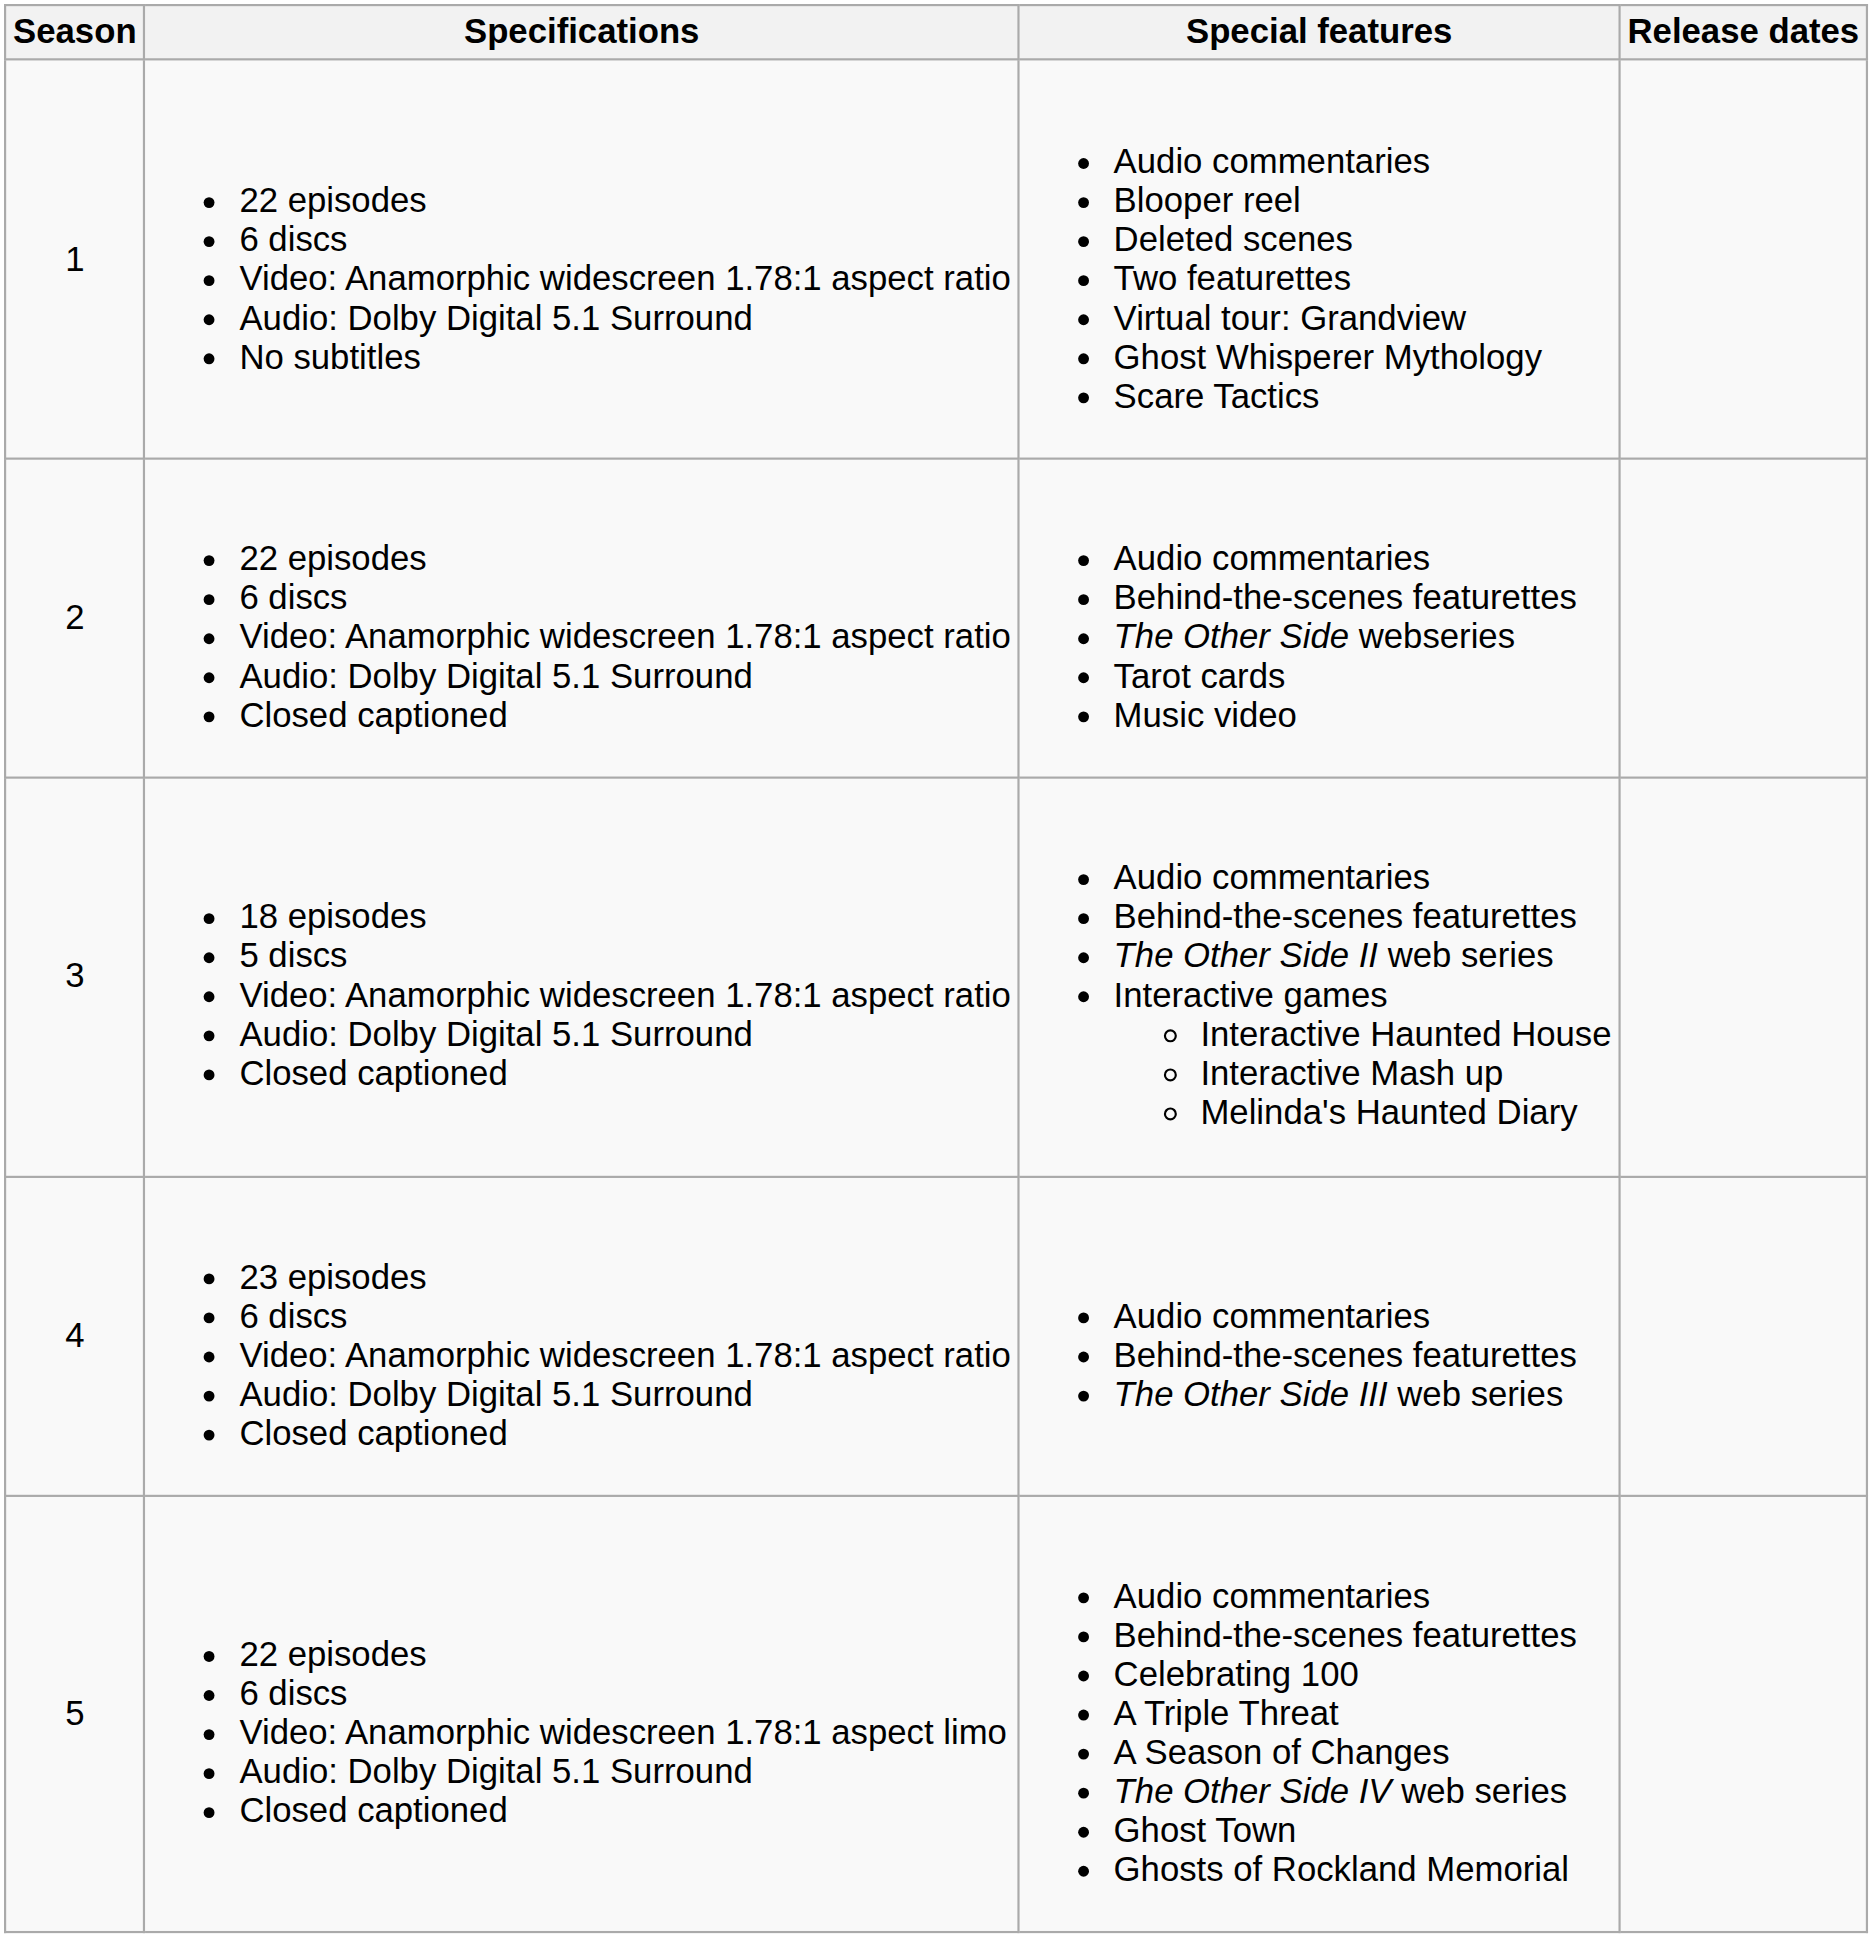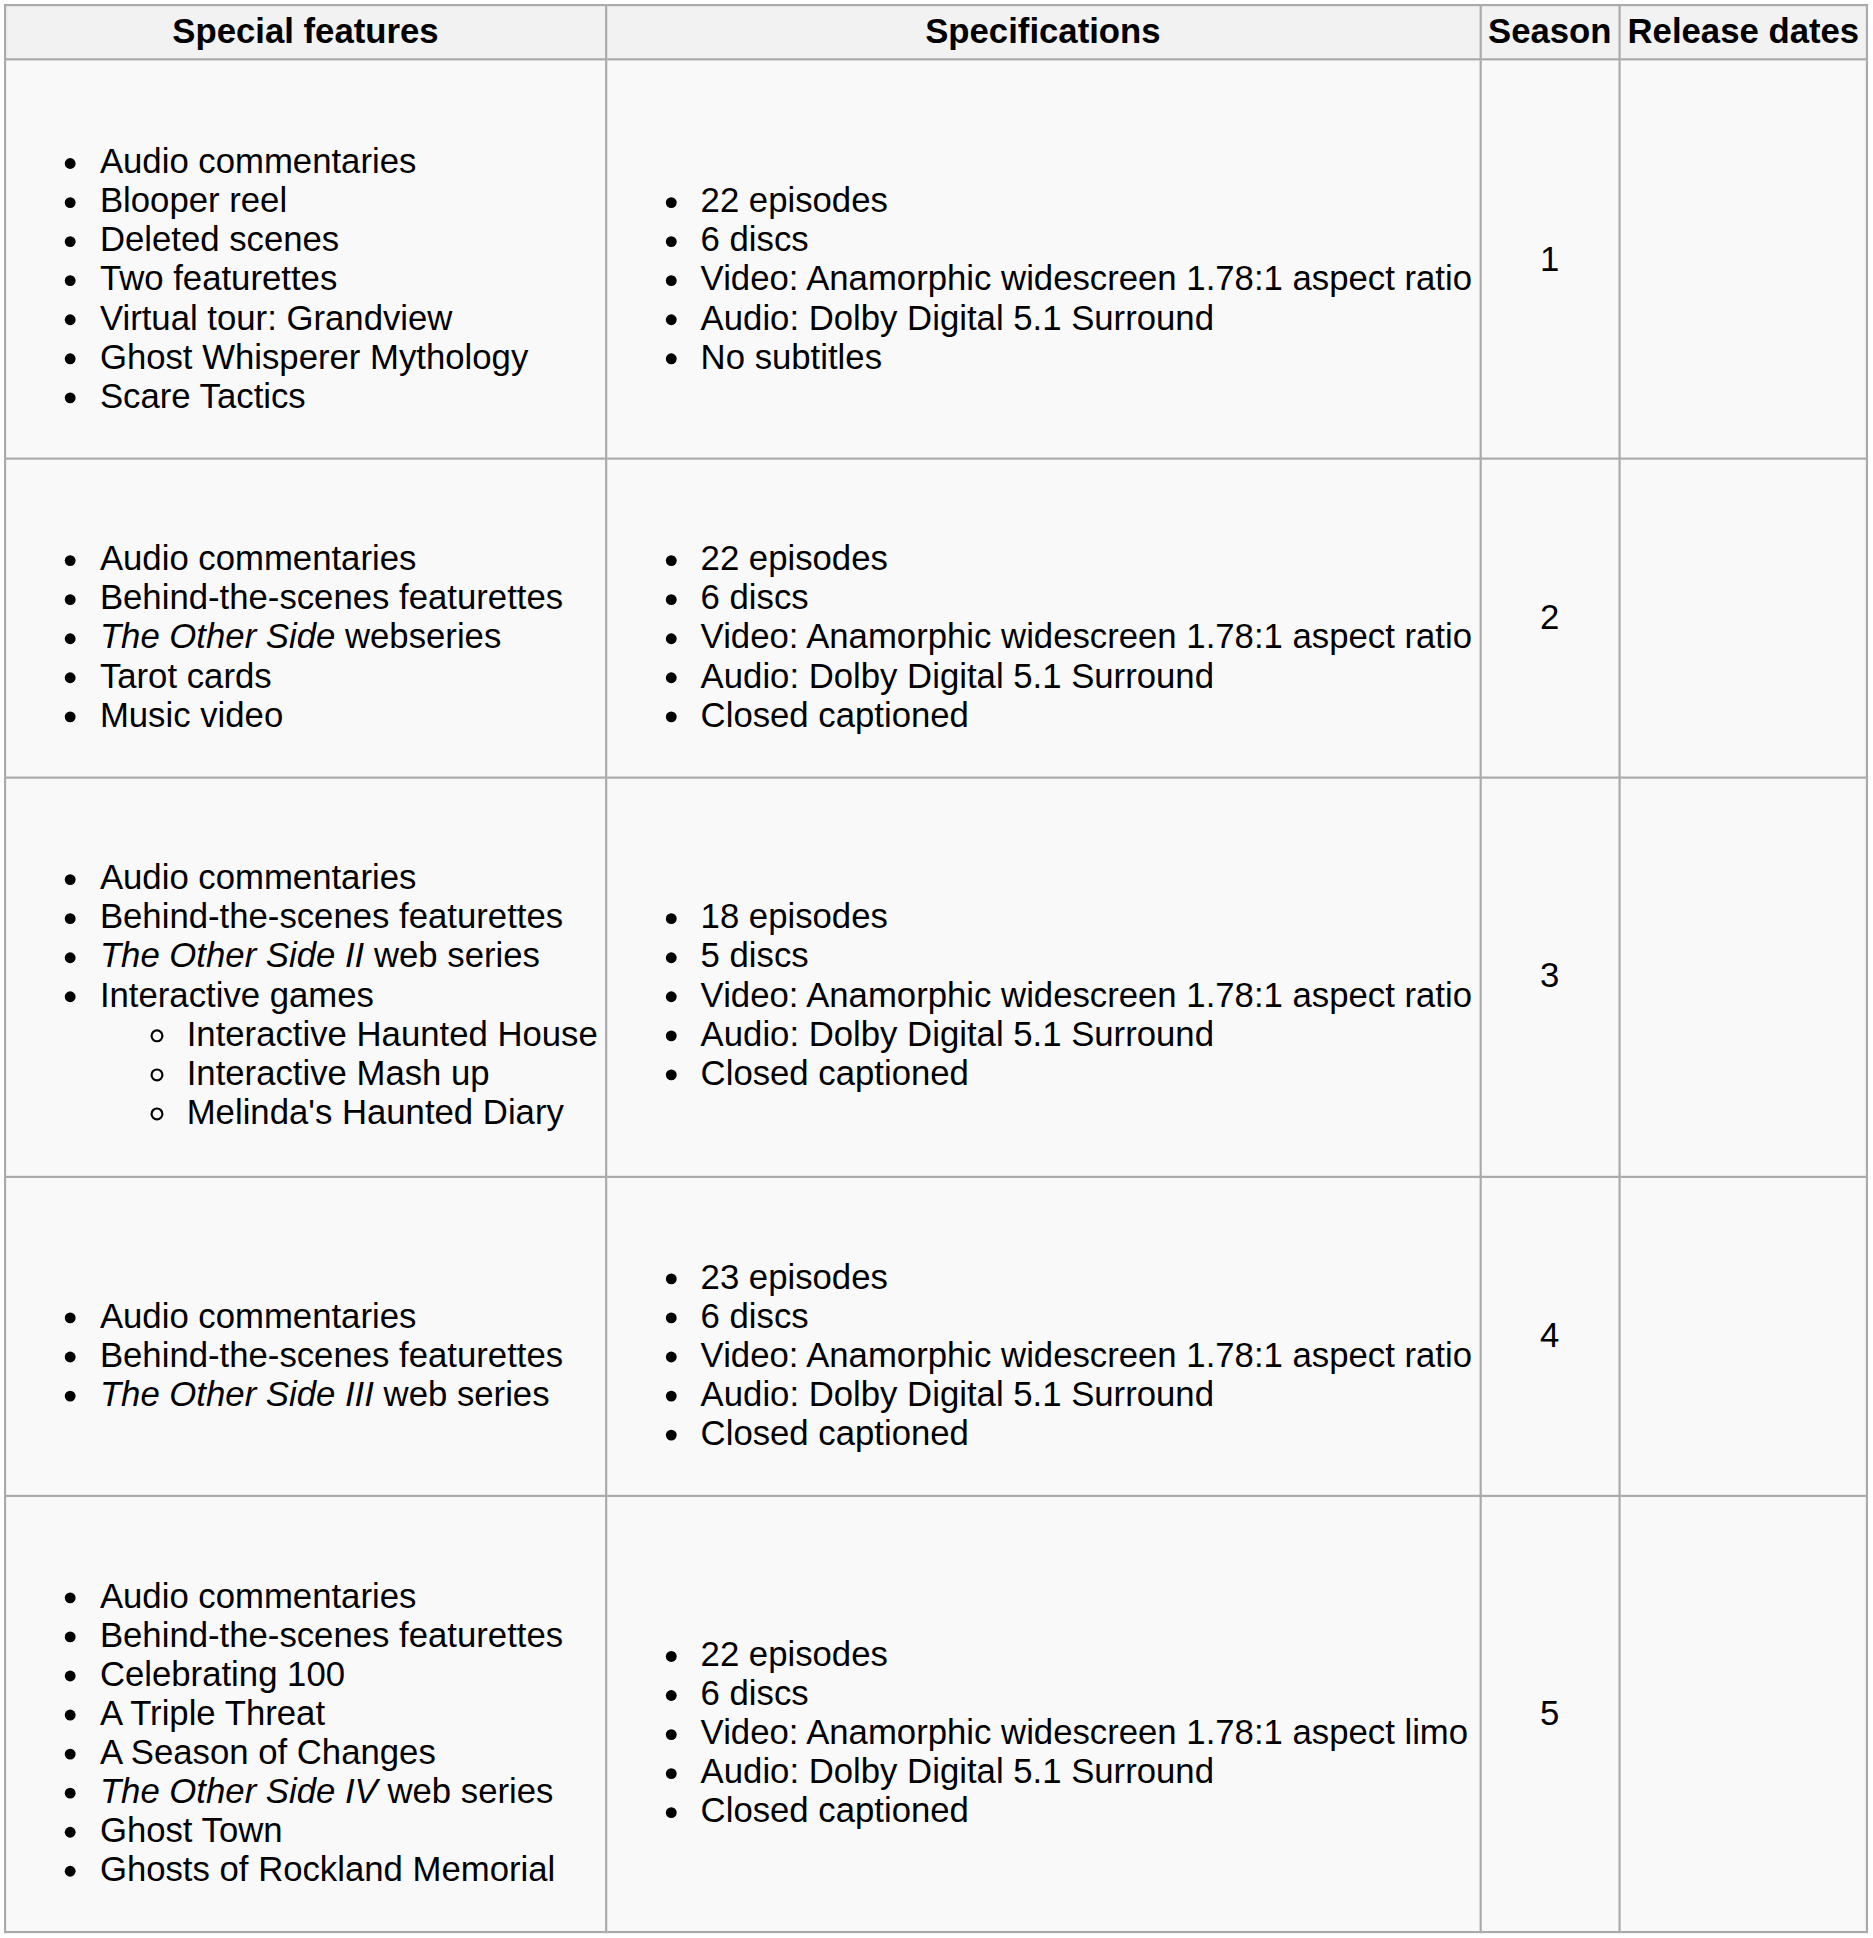 <table class="wikitable">
 <tr>
+<th>Special features</th>
+<th>Specifications</th>
 <th>Season</th>
-<th>Specifications</th>
-<th>Special features</th>
 <th>Release dates</th>
 </tr>
 <tr>
+<td><br><ul><li>Audio commentaries</li><li>Blooper reel</li><li>Deleted scenes</li><li>Two featurettes</li><li>Virtual tour: Grandview</li><li>Ghost Whisperer Mythology</li><li>Scare Tactics</li></ul></td>
+<td><br><ul><li>22 episodes</li><li>6 discs</li><li>Video: Anamorphic widescreen 1.78:1 aspect ratio</li><li>Audio: Dolby Digital 5.1 Surround</li><li>No subtitles</li></ul></td>
 <td style="text-align:center;">1</td>
-<td><br><ul><li>22 episodes</li><li>6 discs</li><li>Video: Anamorphic widescreen 1.78:1 aspect ratio</li><li>Audio: Dolby Digital 5.1 Surround</li><li>No subtitles</li></ul></td>
-<td><br><ul><li>Audio commentaries</li><li>Blooper reel</li><li>Deleted scenes</li><li>Two featurettes</li><li>Virtual tour: Grandview</li><li>Ghost Whisperer Mythology</li><li>Scare Tactics</li></ul></td>
 <td><br></td>
 </tr>
 <tr>
+<td><br><ul><li>Audio commentaries</li><li>Behind-the-scenes featurettes</li><li><em>The Other Side</em> webseries</li><li>Tarot cards</li><li>Music video</li></ul></td>
+<td><br><ul><li>22 episodes</li><li>6 discs</li><li>Video: Anamorphic widescreen 1.78:1 aspect ratio</li><li>Audio: Dolby Digital 5.1 Surround</li><li>Closed captioned</li></ul></td>
 <td style="text-align:center;">2</td>
-<td><br><ul><li>22 episodes</li><li>6 discs</li><li>Video: Anamorphic widescreen 1.78:1 aspect ratio</li><li>Audio: Dolby Digital 5.1 Surround</li><li>Closed captioned</li></ul></td>
-<td><br><ul><li>Audio commentaries</li><li>Behind-the-scenes featurettes</li><li><em>The Other Side</em> webseries</li><li>Tarot cards</li><li>Music video</li></ul></td>
 <td><br></td>
 </tr>
 <tr>
+<td><br><ul><li>Audio commentaries</li><li>Behind-the-scenes featurettes</li><li><em>The Other Side II</em> web series</li><li>Interactive games<ul><li>Interactive Haunted House</li><li>Interactive Mash up</li><li>Melinda's Haunted Diary</li></ul></li></ul></td>
+<td><br><ul><li>18 episodes</li><li>5 discs</li><li>Video: Anamorphic widescreen 1.78:1 aspect ratio</li><li>Audio: Dolby Digital 5.1 Surround</li><li>Closed captioned</li></ul></td>
 <td style="text-align:center;">3</td>
-<td><br><ul><li>18 episodes</li><li>5 discs</li><li>Video: Anamorphic widescreen 1.78:1 aspect ratio</li><li>Audio: Dolby Digital 5.1 Surround</li><li>Closed captioned</li></ul></td>
-<td><br><ul><li>Audio commentaries</li><li>Behind-the-scenes featurettes</li><li><em>The Other Side II</em> web series</li><li>Interactive games<ul><li>Interactive Haunted House</li><li>Interactive Mash up</li><li>Melinda's Haunted Diary</li></ul></li></ul></td>
 <td><br></td>
 </tr>
 <tr>
+<td><br><ul><li>Audio commentaries</li><li>Behind-the-scenes featurettes</li><li><em>The Other Side III</em> web series</li></ul></td>
+<td><br><ul><li>23 episodes</li><li>6 discs</li><li>Video: Anamorphic widescreen 1.78:1 aspect ratio</li><li>Audio: Dolby Digital 5.1 Surround</li><li>Closed captioned</li></ul></td>
 <td style="text-align:center;">4</td>
-<td><br><ul><li>23 episodes</li><li>6 discs</li><li>Video: Anamorphic widescreen 1.78:1 aspect ratio</li><li>Audio: Dolby Digital 5.1 Surround</li><li>Closed captioned</li></ul></td>
-<td><br><ul><li>Audio commentaries</li><li>Behind-the-scenes featurettes</li><li><em>The Other Side III</em> web series</li></ul></td>
 <td><br></td>
 </tr>
 <tr>
+<td><br><ul><li>Audio commentaries</li><li>Behind-the-scenes featurettes</li><li>Celebrating 100</li><li>A Triple Threat</li><li>A Season of Changes</li><li><em>The Other Side IV</em> web series</li><li>Ghost Town</li><li>Ghosts of Rockland Memorial</li></ul></td>
+<td><br><ul><li>22 episodes</li><li>6 discs</li><li>Video: Anamorphic widescreen 1.78:1 aspect limo</li><li>Audio: Dolby Digital 5.1 Surround</li><li>Closed captioned</li></ul></td>
 <td style="text-align:center;">5</td>
-<td><br><ul><li>22 episodes</li><li>6 discs</li><li>Video: Anamorphic widescreen 1.78:1 aspect limo</li><li>Audio: Dolby Digital 5.1 Surround</li><li>Closed captioned</li></ul></td>
-<td><br><ul><li>Audio commentaries</li><li>Behind-the-scenes featurettes</li><li>Celebrating 100</li><li>A Triple Threat</li><li>A Season of Changes</li><li><em>The Other Side IV</em> web series</li><li>Ghost Town</li><li>Ghosts of Rockland Memorial</li></ul></td>
 <td><br></td>
 </tr>
 </table>
